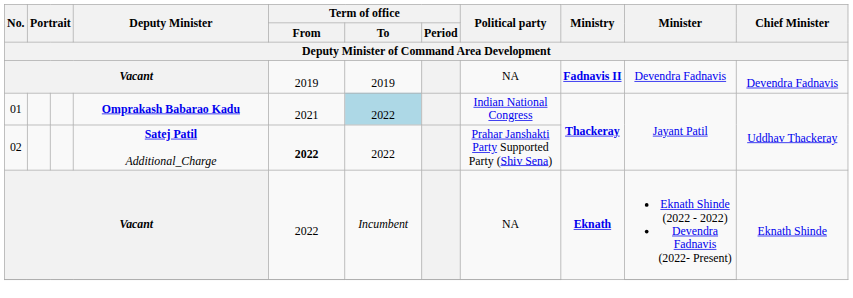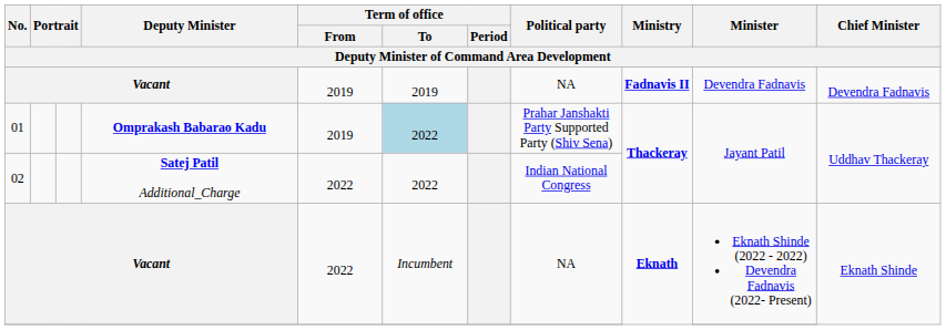 <table class="wikitable" style="text-align:center">
 <tr>
 <th rowspan="2">No.</th>
 <th rowspan="2" colspan="2">Portrait</th>
 <th rowspan="2" style="width:16em">Deputy Minister<br></th>
 <th colspan="3">Term of office</th>
 <th rowspan="2" style="width:8em">Political party</th>
 <th rowspan="2">Ministry</th>
 <th rowspan="2" style="width:9em">Minister</th>
 <th rowspan="2" style="width:9em">Chief Minister</th>
 </tr>
 <tr>
 <th style="width:6em">From</th>
 <th style="width:6em">To</th>
 <th>Period</th>
 </tr>
 <tr>
 <th colspan="11">Deputy Minister of Command Area Development</th>
 </tr>
 <tr>
 <th colspan="04"><strong><em> Vacant</em></strong></th>
 <td><br>2019</td>
 <td><br>2019</td>
 <th></th>
 <td>NA</td>
 <td rowspan="1"><a href='#'><strong>Fadnavis II</strong></a></td>
 <td><a href='#'>Devendra Fadnavis</a></td>
 <td rowspan="1"> <br><a href='#'>Devendra Fadnavis</a></td>
 </tr>
 <tr>
 <td>01</td>
 <td style="color:inherit;background:"></td>
 <td></td>
 <td><strong><a href='#'>Omprakash Babarao Kadu</a></strong> <br> </td>
-<td><br>2021</td>
+<td><br>2019</td>
 <td style="background: lightblue;"><br>2022</td>
 <th></th>
-<td><a href='#'>Indian National Congress</a></td>
+<td><a href='#'>Prahar Janshakti Party</a> Supported Party (<a href='#'>Shiv Sena</a>)</td>
 <td rowspan="2"><a href='#'><strong>Thackeray</strong></a></td>
 <td rowspan="2"><a href='#'>Jayant Patil</a></td>
 <td rowspan="2"> <br><a href='#'>Uddhav Thackeray</a></td>
 </tr>
 <tr>
 <td>02</td>
 <td style="color:inherit;background:"></td>
 <td></td>
 <td><strong><a href='#'>Satej Patil</a></strong> <br> <br><em>Additional_Charge</em></td>
-<td><strong><br>2022</strong></td>
+<td><br>2022</td>
 <td><br>2022</td>
 <th></th>
-<td><a href='#'>Prahar Janshakti Party</a> Supported Party (<a href='#'>Shiv Sena</a>)</td>
+<td><a href='#'>Indian National Congress</a></td>
 </tr>
 <tr>
 <th colspan="04"><strong><em>Vacant</em></strong></th>
 <td><br>2022</td>
 <td><em>Incumbent</em></td>
 <th></th>
 <td>NA</td>
 <td rowspan="2"><a href='#'><strong>Eknath</strong></a></td>
 <td><br><ul><li><a href='#'>Eknath Shinde</a><br>(2022 - 2022)</li><li><a href='#'>Devendra Fadnavis</a><br> (2022- Present)</li></ul></td>
 <td rowspan="2"> <br><a href='#'>Eknath Shinde</a></td>
 </tr>
 <tr>
 </tr>
 </table>
